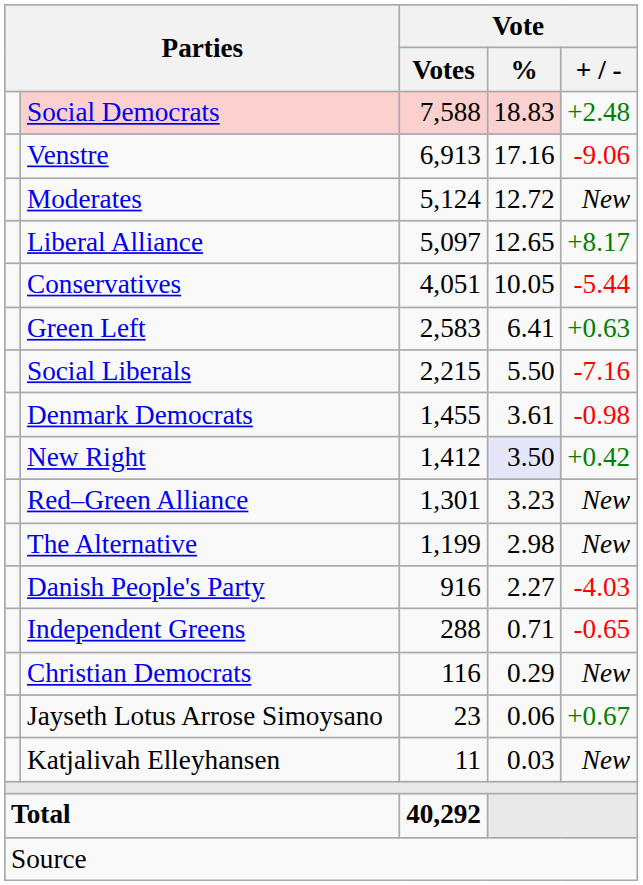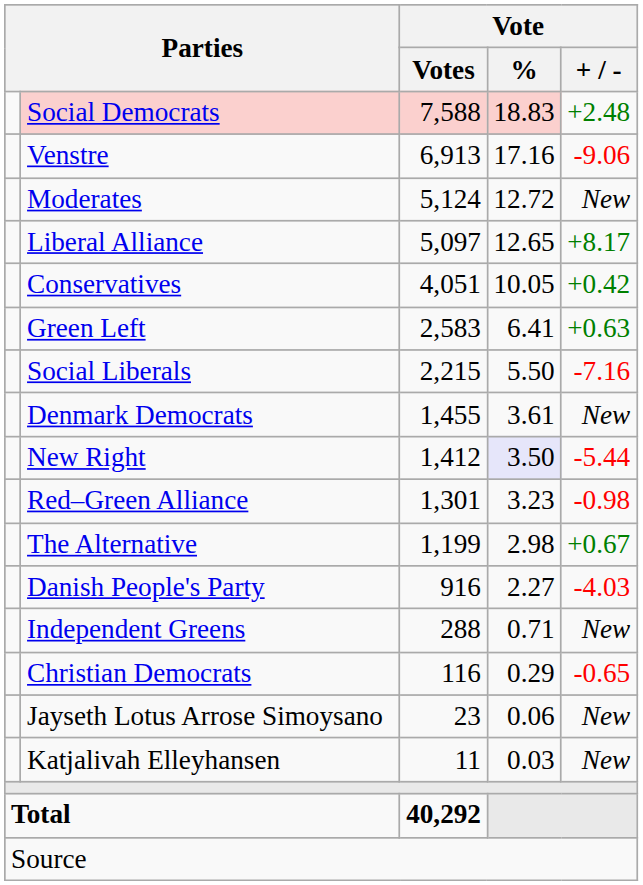 <table class="wikitable" style="text-align:right;">
 <tr>
 <th style="text-align:centre;" rowspan="2" colspan="2" width="225">Parties</th>
 <th colspan="3">Vote</th>
 </tr>
 <tr>
 <th width="15">Votes</th>
 <th width="15">%</th>
 <th width="15">+ / -</th>
 </tr>
 <tr>
 <td width="2" style="color:inherit;background:"></td>
 <td bgcolor=#fbd0ce  align="left"><a href='#'>Social Democrats</a></td>
 <td bgcolor=#fbd0ce>7,588</td>
 <td bgcolor=#fbd0ce>18.83</td>
 <td style=color:green;>+2.48</td>
 </tr>
 <tr>
 <td width="2" style="color:inherit;background:"></td>
 <td align="left"><a href='#'>Venstre</a></td>
 <td>6,913</td>
 <td>17.16</td>
 <td style=color:red;>-9.06</td>
 </tr>
 <tr>
 <td width="2" style="color:inherit;background:"></td>
 <td align="left"><a href='#'>Moderates</a></td>
 <td>5,124</td>
 <td>12.72</td>
 <td><em>New</em></td>
 </tr>
 <tr>
 <td width="2" style="color:inherit;background:"></td>
 <td align="left"><a href='#'>Liberal Alliance</a></td>
 <td>5,097</td>
 <td>12.65</td>
 <td style=color:green;>+8.17</td>
 </tr>
 <tr>
 <td width="2" style="color:inherit;background:"></td>
 <td align="left"><a href='#'>Conservatives</a></td>
 <td>4,051</td>
 <td>10.05</td>
-<td style=color:red;>-5.44</td>
+<td style=color:green;>+0.42</td>
 </tr>
 <tr>
 <td width="2" style="color:inherit;background:"></td>
 <td align="left"><a href='#'>Green Left</a></td>
 <td>2,583</td>
 <td>6.41</td>
 <td style=color:green;>+0.63</td>
 </tr>
 <tr>
 <td width="2" style="color:inherit;background:"></td>
 <td align="left"><a href='#'>Social Liberals</a></td>
 <td>2,215</td>
 <td>5.50</td>
 <td style=color:red;>-7.16</td>
 </tr>
 <tr>
 <td width="2" style="color:inherit;background:"></td>
 <td align="left"><a href='#'>Denmark Democrats</a></td>
 <td>1,455</td>
 <td>3.61</td>
-<td style=color:red;>-0.98</td>
+<td><em>New</em></td>
 </tr>
 <tr>
 <td width="2" style="color:inherit;background:"></td>
 <td align="left"><a href='#'>New Right</a></td>
 <td>1,412</td>
 <td style="background: lavender;">3.50</td>
-<td style=color:green;>+0.42</td>
+<td style=color:red;>-5.44</td>
 </tr>
 <tr>
 <td width="2" style="color:inherit;background:"></td>
 <td align="left"><a href='#'>Red–Green Alliance</a></td>
 <td>1,301</td>
 <td>3.23</td>
-<td><em>New</em></td>
+<td style=color:red;>-0.98</td>
 </tr>
 <tr>
 <td width="2" style="color:inherit;background:"></td>
 <td align="left"><a href='#'>The Alternative</a></td>
 <td>1,199</td>
 <td>2.98</td>
-<td><em>New</em></td>
+<td style=color:green;>+0.67</td>
 </tr>
 <tr>
 <td width="2" style="color:inherit;background:"></td>
 <td align="left"><a href='#'>Danish People's Party</a></td>
 <td>916</td>
 <td>2.27</td>
 <td style=color:red;>-4.03</td>
 </tr>
 <tr>
 <td width="2" style="color:inherit;background:"></td>
 <td align="left"><a href='#'>Independent Greens</a></td>
 <td>288</td>
 <td>0.71</td>
-<td style=color:red;>-0.65</td>
+<td><em>New</em></td>
 </tr>
 <tr>
 <td width="2" style="color:inherit;background:"></td>
 <td align="left"><a href='#'>Christian Democrats</a></td>
 <td>116</td>
 <td>0.29</td>
-<td><em>New</em></td>
+<td style=color:red;>-0.65</td>
 </tr>
 <tr>
 <td width="2" style="color:inherit;background:"></td>
 <td align="left">Jayseth Lotus Arrose Simoysano</td>
 <td>23</td>
 <td>0.06</td>
-<td style=color:green;>+0.67</td>
+<td><em>New</em></td>
 </tr>
 <tr>
 <td width="2" style="color:inherit;background:"></td>
 <td align="left">Katjalivah Elleyhansen</td>
 <td>11</td>
 <td>0.03</td>
 <td><em>New</em></td>
 </tr>
 <tr>
 <td colspan="7" bgcolor="#E9E9E9"></td>
 </tr>
 <tr>
 <td align="left" colspan="2"><strong>Total</strong></td>
 <td><strong>40,292</strong></td>
 <td bgcolor="#E9E9E9" colspan="2"></td>
 </tr>
 <tr>
 <td align="left" colspan="6">Source</td>
 </tr>
 </table>
